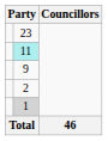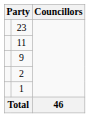 <table class="wikitable">
 <tr>
 <th colspan=2>Party</th>
 <th>Councillors</th>
 </tr>
 <tr>
 <td></td>
 <td align=center>23</td>
 </tr>
 <tr>
 <td></td>
-<td align=center style="background: paleturquoise;">11</td>
+<td align=center>11</td>
 </tr>
 <tr>
 <td></td>
 <td align=center>9</td>
 </tr>
 <tr>
 <td></td>
 <td align=center>2</td>
 </tr>
 <tr>
 <td></td>
-<td align=center style="background: lightgrey;">1</td>
+<td align=center>1</td>
 </tr>
 <tr>
 <th colspan=2>Total</th>
 <th align=center>46</th>
 </tr>
 </table>
